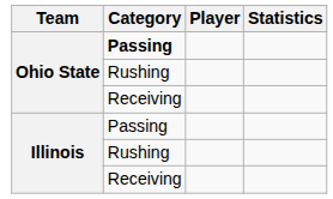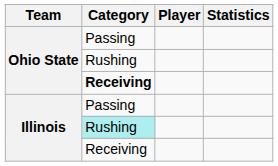 <table class="wikitable" style="float:right">
 <tr>
 <th>Team</th>
 <th>Category</th>
 <th>Player</th>
 <th>Statistics</th>
 </tr>
 <tr>
 <th rowspan=3>Ohio State</th>
-<td><strong>Passing</strong></td>
+<td>Passing</td>
 <td></td>
 <td></td>
 </tr>
 <tr>
 <td>Rushing</td>
 <td></td>
 <td></td>
 </tr>
 <tr>
-<td>Receiving</td>
+<td><strong>Receiving</strong></td>
 <td></td>
 <td></td>
 </tr>
 <tr>
 <th rowspan=3>Illinois</th>
 <td>Passing</td>
 <td></td>
 <td></td>
 </tr>
 <tr>
-<td>Rushing</td>
+<td style="background: paleturquoise;">Rushing</td>
 <td></td>
 <td></td>
 </tr>
 <tr>
 <td>Receiving</td>
 <td></td>
 <td></td>
 </tr>
 </table>
